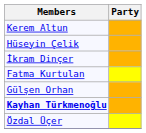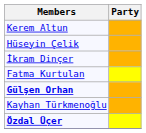 <table class=wikitable style="border:1px solid #8888aa; background-color:#f7f8ff; padding:0px; font-size:90%;">
 <tr>
 <th>Members</th>
 <th colspan="2">Party</th>
 </tr>
 <tr>
 <td><a href='#'>Kerem Altun</a></td>
 <td style="background: #ffb300"></td>
 </tr>
 <tr>
 <td><a href='#'>Hüseyin Çelik</a></td>
 <td style="background: #ffb300"></td>
 </tr>
 <tr>
 <td><a href='#'>İkram Dinçer</a></td>
 <td style="background: #ffb300"></td>
 </tr>
 <tr>
 <td><a href='#'>Fatma Kurtulan</a></td>
 <td style="background: #ffff00"></td>
 </tr>
 <tr>
-<td><a href='#'>Gülşen Orhan</a></td>
+<td><strong><a href='#'>Gülşen Orhan</a></strong></td>
 <td style="background: #ffb300"></td>
 </tr>
 <tr>
-<td><strong><a href='#'>Kayhan Türkmenoğlu</a></strong></td>
+<td><a href='#'>Kayhan Türkmenoğlu</a></td>
 <td style="background: #ffb300"></td>
 </tr>
 <tr>
-<td><a href='#'>Özdal Üçer</a></td>
+<td><strong><a href='#'>Özdal Üçer</a></strong></td>
 <td style="background: #ffff00"></td>
 </tr>
 <tr>
 </tr>
 </table>
